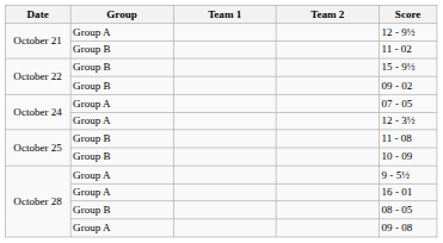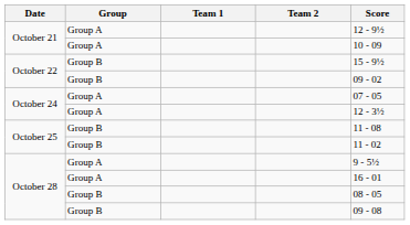 <table class="wikitable" style="font-size: 90%;">
 <tr>
 <th width="80">Date</th>
 <th width="130">Group</th>
 <th width="130">Team 1</th>
 <th width="130">Team 2</th>
 <th width="70">Score</th>
 </tr>
 <tr>
 <td align="center" rowspan="2">October 21</td>
 <td>Group A</td>
 <td><strong></strong></td>
 <td></td>
 <td>12 - 9½</td>
 </tr>
 <tr>
-<td>Group B</td>
+<td>Group A</td>
 <td><strong></strong></td>
 <td></td>
-<td>11 - 02</td>
+<td>10 - 09</td>
 </tr>
 <tr>
 <td align="center" rowspan="2">October 22</td>
 <td>Group B</td>
 <td><strong></strong></td>
 <td></td>
 <td>15 - 9½</td>
 </tr>
 <tr>
 <td>Group B</td>
 <td><strong></strong></td>
 <td></td>
 <td>09 - 02</td>
 </tr>
 <tr>
 <td align="center" rowspan="2">October 24</td>
 <td>Group A</td>
 <td><strong></strong></td>
 <td></td>
 <td>07 - 05</td>
 </tr>
 <tr>
 <td>Group A</td>
 <td><strong></strong></td>
 <td></td>
 <td>12 - 3½</td>
 </tr>
 <tr>
 <td align="center" rowspan="2">October 25</td>
 <td>Group B</td>
 <td><strong></strong></td>
 <td></td>
 <td>11 - 08</td>
 </tr>
 <tr>
 <td>Group B</td>
 <td><strong></strong></td>
 <td></td>
-<td>10 - 09</td>
+<td>11 - 02</td>
 </tr>
 <tr>
 <td align="center" rowspan="4">October 28</td>
 <td>Group A</td>
 <td><strong></strong></td>
 <td></td>
 <td>9 - 5½</td>
 </tr>
 <tr>
 <td>Group A</td>
 <td><strong></strong></td>
 <td></td>
 <td>16 - 01</td>
 </tr>
 <tr>
 <td>Group B</td>
 <td><strong></strong></td>
 <td></td>
 <td>08 - 05</td>
 </tr>
 <tr>
-<td>Group A</td>
+<td>Group B</td>
 <td><strong></strong></td>
 <td></td>
 <td>09 - 08</td>
 </tr>
 </table>
